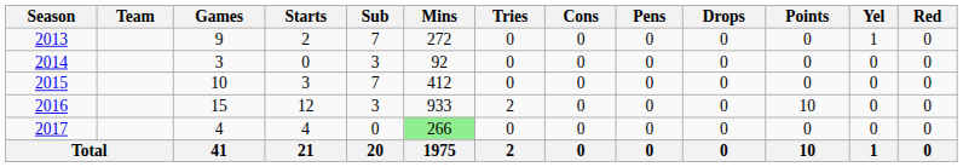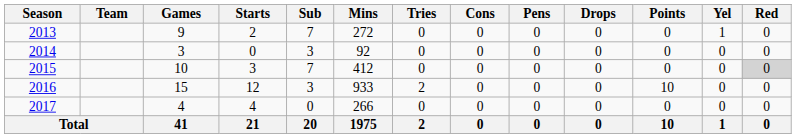 <table class="wikitable" style="text-align:center; line-height:90%; font-size:95%; width:70%;">
 <tr>
 <th>Season</th>
 <th>Team</th>
 <th>Games</th>
 <th>Starts</th>
 <th>Sub</th>
 <th>Mins</th>
 <th>Tries</th>
 <th>Cons</th>
 <th>Pens</th>
 <th>Drops</th>
 <th>Points</th>
 <th>Yel</th>
 <th>Red</th>
 </tr>
 <tr>
 <td><a href='#'>2013</a></td>
 <td></td>
 <td>9</td>
 <td>2</td>
 <td>7</td>
 <td>272</td>
 <td>0</td>
 <td>0</td>
 <td>0</td>
 <td>0</td>
 <td>0</td>
 <td>1</td>
 <td>0</td>
 </tr>
 <tr>
 <td><a href='#'>2014</a></td>
 <td></td>
 <td>3</td>
 <td>0</td>
 <td>3</td>
 <td>92</td>
 <td>0</td>
 <td>0</td>
 <td>0</td>
 <td>0</td>
 <td>0</td>
 <td>0</td>
 <td>0</td>
 </tr>
 <tr>
 <td><a href='#'>2015</a></td>
 <td></td>
 <td>10</td>
 <td>3</td>
 <td>7</td>
 <td>412</td>
 <td>0</td>
 <td>0</td>
 <td>0</td>
 <td>0</td>
 <td>0</td>
 <td>0</td>
-<td>0</td>
+<td style="background: lightgrey;">0</td>
 </tr>
 <tr>
 <td><a href='#'>2016</a></td>
 <td></td>
 <td>15</td>
 <td>12</td>
 <td>3</td>
 <td>933</td>
 <td>2</td>
 <td>0</td>
 <td>0</td>
 <td>0</td>
 <td>10</td>
 <td>0</td>
 <td>0</td>
 </tr>
 <tr>
 <td><a href='#'>2017</a></td>
 <td></td>
 <td>4</td>
 <td>4</td>
 <td>0</td>
-<td style="background: lightgreen;">266</td>
+<td>266</td>
 <td>0</td>
 <td>0</td>
 <td>0</td>
 <td>0</td>
 <td>0</td>
 <td>0</td>
 <td>0</td>
 </tr>
 <tr>
 <th colspan="2">Total</th>
 <th>41</th>
 <th>21</th>
 <th>20</th>
 <th>1975</th>
 <th>2</th>
 <th>0</th>
 <th>0</th>
 <th>0</th>
 <th>10</th>
 <th>1</th>
 <th>0</th>
 </tr>
 </table>
